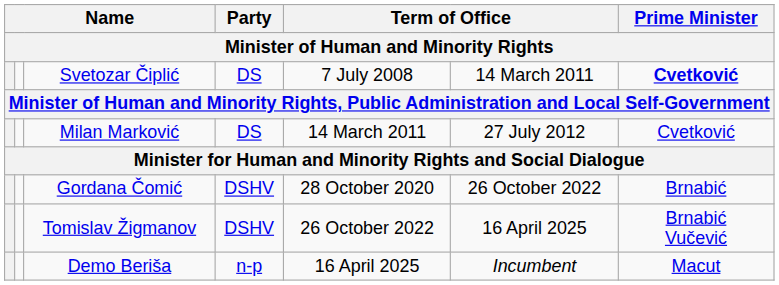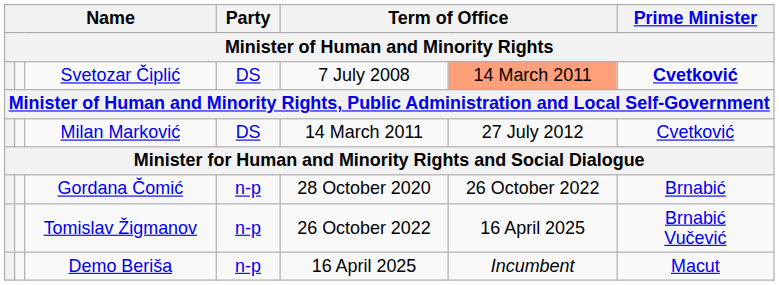 <table class="wikitable" style="text-align:center;">
 <tr>
 <th colspan=3>Name<br></th>
 <th>Party</th>
 <th colspan=2>Term of Office</th>
 <th><a href='#'>Prime Minister</a><br></th>
 </tr>
 <tr>
 <th colspan="7">Minister of Human and Minority Rights</th>
 </tr>
 <tr>
 <th style="background:"></th>
 <td></td>
 <td><a href='#'>Svetozar Čiplić</a><br></td>
 <td><a href='#'>DS</a></td>
 <td>7 July 2008</td>
-<td>14 March 2011</td>
+<td style="background: lightsalmon;">14 March 2011</td>
 <td><strong><a href='#'>Cvetković</a> </strong></td>
 </tr>
 <tr>
 <th colspan="7"><a href='#'>Minister of Human and Minority Rights, Public Administration and Local Self-Government</a></th>
 </tr>
 <tr>
 <th style="background:"></th>
 <td></td>
 <td><a href='#'>Milan Marković</a><br></td>
 <td><a href='#'>DS</a></td>
 <td>14 March 2011</td>
 <td>27 July 2012</td>
 <td><a href='#'>Cvetković</a> </td>
 </tr>
 <tr>
 <th colspan="7">Minister for Human and Minority Rights and Social Dialogue</th>
 </tr>
 <tr>
 <th style="background:"></th>
 <td></td>
 <td><a href='#'>Gordana Čomić</a><br></td>
-<td><a href='#'>DSHV</a></td>
+<td><a href='#'>n-p</a></td>
 <td>28 October 2020</td>
 <td>26 October 2022</td>
 <td><a href='#'>Brnabić</a> </td>
 </tr>
 <tr>
 <th style="background:"></th>
 <td></td>
 <td><a href='#'>Tomislav Žigmanov</a><br></td>
-<td><a href='#'>DSHV</a></td>
+<td><a href='#'>n-p</a></td>
 <td>26 October 2022</td>
 <td>16 April 2025</td>
 <td><a href='#'>Brnabić</a> <br><a href='#'>Vučević</a> </td>
 </tr>
 <tr>
 <th style="background:"></th>
 <td></td>
 <td><a href='#'>Demo Beriša</a><br></td>
 <td><a href='#'>n-p</a></td>
 <td>16 April 2025</td>
 <td><em>Incumbent</em></td>
 <td><a href='#'>Macut</a> </td>
 </tr>
 </table>
